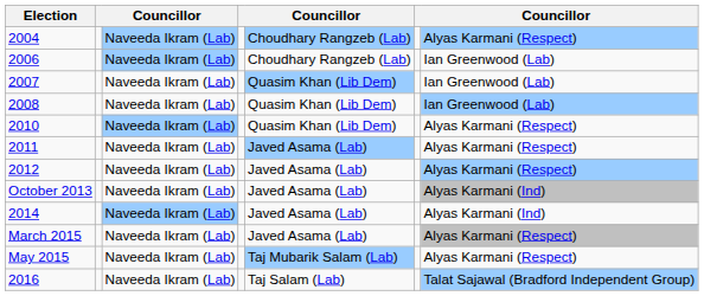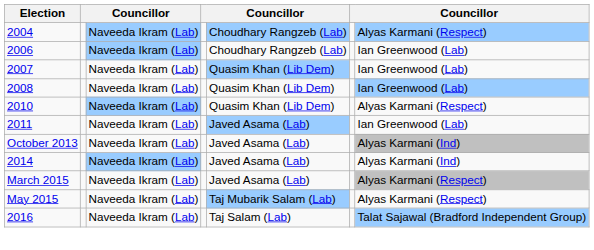 <table class="wikitable">
 <tr>
 <th>Election</th>
 <th colspan="2">Councillor</th>
 <th colspan="2">Councillor</th>
 <th colspan="2">Councillor</th>
 </tr>
 <tr>
 <td><a href='#'>2004</a></td>
 <td style="background-color: "></td>
 <td bgcolor="#99CCFF">Naveeda Ikram (<a href='#'>Lab</a>)</td>
 <td style="background-color: "></td>
 <td bgcolor="#99CCFF">Choudhary Rangzeb (<a href='#'>Lab</a>)</td>
 <td style="background-color: "></td>
 <td bgcolor="#99CCFF">Alyas Karmani (<a href='#'>Respect</a>)</td>
 </tr>
 <tr>
 <td><a href='#'>2006</a></td>
 <td style="background-color: "></td>
 <td bgcolor="#99CCFF">Naveeda Ikram (<a href='#'>Lab</a>)</td>
 <td style="background-color: "></td>
 <td>Choudhary Rangzeb (<a href='#'>Lab</a>)</td>
 <td style="background-color: "></td>
 <td>Ian Greenwood (<a href='#'>Lab</a>)</td>
 </tr>
 <tr>
 <td><a href='#'>2007</a></td>
 <td style="background-color: "></td>
 <td>Naveeda Ikram (<a href='#'>Lab</a>)</td>
 <td style="background-color: "></td>
 <td bgcolor="#99CCFF">Quasim Khan (<a href='#'>Lib Dem</a>)</td>
 <td style="background-color: "></td>
 <td>Ian Greenwood (<a href='#'>Lab</a>)</td>
 </tr>
 <tr>
 <td><a href='#'>2008</a></td>
 <td style="background-color: "></td>
 <td>Naveeda Ikram (<a href='#'>Lab</a>)</td>
 <td style="background-color: "></td>
 <td>Quasim Khan (<a href='#'>Lib Dem</a>)</td>
 <td style="background-color: "></td>
 <td bgcolor="#99CCFF">Ian Greenwood (<a href='#'>Lab</a>)</td>
 </tr>
 <tr>
 <td><a href='#'>2010</a></td>
 <td style="background-color: "></td>
 <td bgcolor="#99CCFF">Naveeda Ikram (<a href='#'>Lab</a>)</td>
 <td style="background-color: "></td>
 <td>Quasim Khan (<a href='#'>Lib Dem</a>)</td>
 <td style="background-color: "></td>
 <td>Alyas Karmani (<a href='#'>Respect</a>)</td>
 </tr>
 <tr>
 <td><a href='#'>2011</a></td>
 <td style="background-color: "></td>
 <td>Naveeda Ikram (<a href='#'>Lab</a>)</td>
 <td style="background-color: "></td>
 <td bgcolor="#99CCFF">Javed Asama (<a href='#'>Lab</a>)</td>
 <td style="background-color: "></td>
-<td>Alyas Karmani (<a href='#'>Respect</a>)</td>
-</tr>
-<tr>
-<td><a href='#'>2012</a></td>
-<td style="background-color: "></td>
-<td>Naveeda Ikram (<a href='#'>Lab</a>)</td>
-<td style="background-color: "></td>
-<td>Javed Asama (<a href='#'>Lab</a>)</td>
-<td style="background-color: "></td>
-<td bgcolor="#99CCFF">Alyas Karmani (<a href='#'>Respect</a>)</td>
+<td>Ian Greenwood (<a href='#'>Lab</a>)</td>
 </tr>
 <tr>
 <td><a href='#'>October 2013</a></td>
 <td style="background-color: "></td>
 <td>Naveeda Ikram (<a href='#'>Lab</a>)</td>
 <td style="background-color: "></td>
 <td>Javed Asama (<a href='#'>Lab</a>)</td>
 <td style="background-color: "></td>
 <td bgcolor="#C0C0C0">Alyas Karmani (<a href='#'>Ind</a>)</td>
 </tr>
 <tr>
 <td><a href='#'>2014</a></td>
 <td style="background-color: "></td>
 <td bgcolor="#99CCFF">Naveeda Ikram (<a href='#'>Lab</a>)</td>
 <td style="background-color: "></td>
 <td>Javed Asama (<a href='#'>Lab</a>)</td>
 <td style="background-color: "></td>
 <td>Alyas Karmani (<a href='#'>Ind</a>)</td>
 </tr>
 <tr>
 <td><a href='#'>March 2015</a></td>
 <td style="background-color: "></td>
 <td>Naveeda Ikram (<a href='#'>Lab</a>)</td>
 <td style="background-color: "></td>
 <td>Javed Asama (<a href='#'>Lab</a>)</td>
 <td style="background-color: "></td>
 <td bgcolor="#C0C0C0">Alyas Karmani (<a href='#'>Respect</a>)</td>
 </tr>
 <tr>
 <td><a href='#'>May 2015</a></td>
 <td style="background-color: "></td>
 <td>Naveeda Ikram (<a href='#'>Lab</a>)</td>
 <td style="background-color: "></td>
 <td bgcolor="#99CCFF">Taj Mubarik Salam (<a href='#'>Lab</a>)</td>
 <td style="background-color: "></td>
 <td>Alyas Karmani (<a href='#'>Respect</a>)</td>
 </tr>
 <tr>
 <td><a href='#'>2016</a></td>
 <td style="background-color: "></td>
 <td>Naveeda Ikram (<a href='#'>Lab</a>)</td>
 <td style="background-color: "></td>
 <td>Taj Salam (<a href='#'>Lab</a>)</td>
 <td style="background-color: "></td>
 <td bgcolor="#99CCFF">Talat Sajawal (Bradford Independent Group)</td>
 </tr>
 </table>
